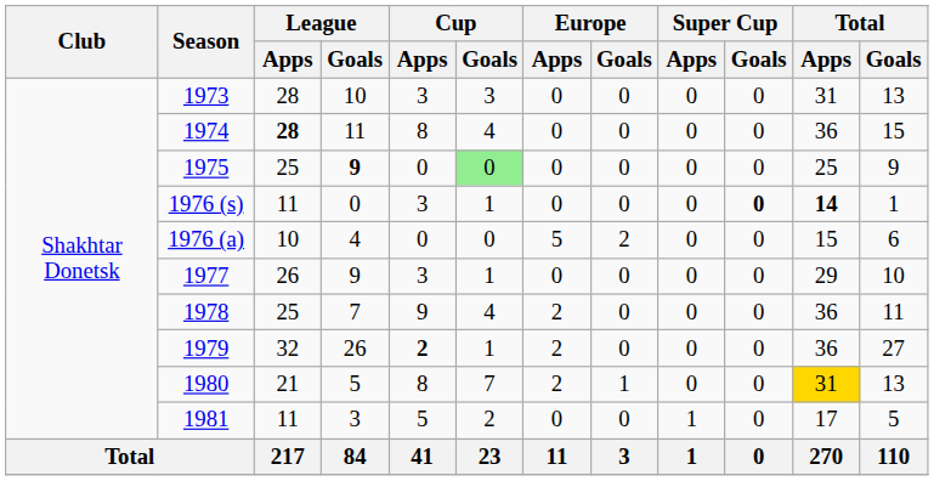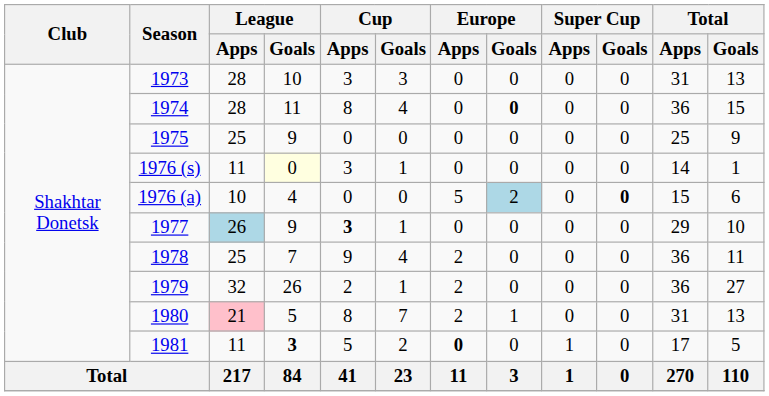 <table class="wikitable" style="text-align:center">
 <tr>
 <th rowspan="2" width="100">Club</th>
 <th rowspan="2" width="60">Season</th>
 <th colspan="2">League</th>
 <th colspan="2">Cup</th>
 <th colspan="2">Europe</th>
 <th colspan="2">Super Cup</th>
 <th colspan="2">Total</th>
 </tr>
 <tr>
 <th width="40">Apps</th>
 <th width="40">Goals</th>
 <th width="40">Apps</th>
 <th width="40">Goals</th>
 <th width="40">Apps</th>
 <th width="40">Goals</th>
 <th width="40">Apps</th>
 <th width="40">Goals</th>
 <th width="40">Apps</th>
 <th width="40">Goals</th>
 </tr>
 <tr>
 <td rowspan="10"><a href='#'>Shakhtar Donetsk</a></td>
 <td><a href='#'>1973</a></td>
 <td>28</td>
 <td>10</td>
 <td>3</td>
 <td>3</td>
 <td>0</td>
 <td>0</td>
 <td>0</td>
 <td>0</td>
 <td>31</td>
 <td>13</td>
 </tr>
 <tr>
 <td><a href='#'>1974</a></td>
-<td><strong>28</strong></td>
+<td>28</td>
 <td>11</td>
 <td>8</td>
 <td>4</td>
 <td>0</td>
-<td>0</td>
+<td><strong>0</strong></td>
 <td>0</td>
 <td>0</td>
 <td>36</td>
 <td>15</td>
 </tr>
 <tr>
 <td><a href='#'>1975</a></td>
 <td>25</td>
-<td><strong>9</strong></td>
+<td>9</td>
 <td>0</td>
-<td style="background: lightgreen;">0</td>
+<td>0</td>
 <td>0</td>
 <td>0</td>
 <td>0</td>
 <td>0</td>
 <td>25</td>
 <td>9</td>
 </tr>
 <tr>
 <td><a href='#'>1976 (s)</a></td>
 <td>11</td>
-<td>0</td>
+<td style="background: lightyellow;">0</td>
 <td>3</td>
 <td>1</td>
 <td>0</td>
 <td>0</td>
 <td>0</td>
-<td><strong>0</strong></td>
-<td><strong>14</strong></td>
+<td>0</td>
+<td>14</td>
 <td>1</td>
 </tr>
 <tr>
 <td><a href='#'>1976 (a)</a></td>
 <td>10</td>
 <td>4</td>
 <td>0</td>
 <td>0</td>
 <td>5</td>
-<td>2</td>
+<td style="background: lightblue;">2</td>
 <td>0</td>
-<td>0</td>
+<td><strong>0</strong></td>
 <td>15</td>
 <td>6</td>
 </tr>
 <tr>
 <td><a href='#'>1977</a></td>
-<td>26</td>
+<td style="background: lightblue;">26</td>
 <td>9</td>
-<td>3</td>
+<td><strong>3</strong></td>
 <td>1</td>
 <td>0</td>
 <td>0</td>
 <td>0</td>
 <td>0</td>
 <td>29</td>
 <td>10</td>
 </tr>
 <tr>
 <td><a href='#'>1978</a></td>
 <td>25</td>
 <td>7</td>
 <td>9</td>
 <td>4</td>
 <td>2</td>
 <td>0</td>
 <td>0</td>
 <td>0</td>
 <td>36</td>
 <td>11</td>
 </tr>
 <tr>
 <td><a href='#'>1979</a></td>
 <td>32</td>
 <td>26</td>
-<td><strong>2</strong></td>
+<td>2</td>
 <td>1</td>
 <td>2</td>
 <td>0</td>
 <td>0</td>
 <td>0</td>
 <td>36</td>
 <td>27</td>
 </tr>
 <tr>
 <td><a href='#'>1980</a></td>
-<td>21</td>
+<td style="background: pink;">21</td>
 <td>5</td>
 <td>8</td>
 <td>7</td>
 <td>2</td>
 <td>1</td>
 <td>0</td>
 <td>0</td>
-<td style="background: gold;">31</td>
+<td>31</td>
 <td>13</td>
 </tr>
 <tr>
 <td><a href='#'>1981</a></td>
 <td>11</td>
-<td>3</td>
+<td><strong>3</strong></td>
 <td>5</td>
 <td>2</td>
-<td>0</td>
+<td><strong>0</strong></td>
 <td>0</td>
 <td>1</td>
 <td>0</td>
 <td>17</td>
 <td>5</td>
 </tr>
 <tr>
 <th colspan="2">Total</th>
 <th>217</th>
 <th>84</th>
 <th>41</th>
 <th>23</th>
 <th>11</th>
 <th>3</th>
 <th>1</th>
 <th>0</th>
 <th>270</th>
 <th>110</th>
 </tr>
 <tr>
 </tr>
 </table>
